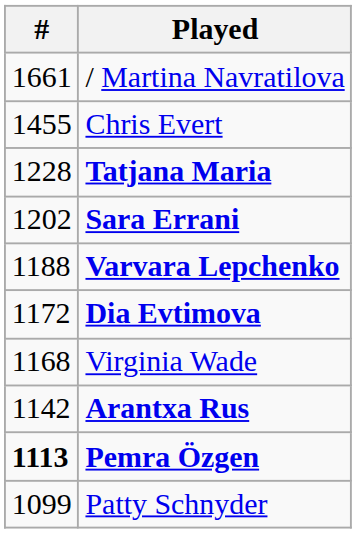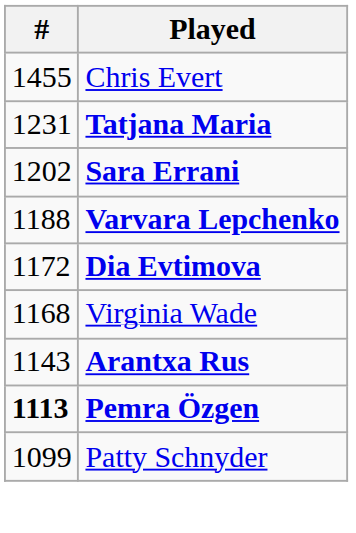 <table class=wikitable style=display:inline-table>
 <tr>
 <th>#</th>
 <th>Played</th>
 </tr>
 <tr>
-<td>1661</td>
-<td>/ <a href='#'>Martina Navratilova</a></td>
-</tr>
-<tr>
 <td>1455</td>
 <td> <a href='#'>Chris Evert</a></td>
 </tr>
 <tr>
-<td>1228</td>
+<td>1231</td>
 <td> <strong><a href='#'>Tatjana Maria</a></strong></td>
 </tr>
 <tr>
 <td>1202</td>
 <td> <strong><a href='#'>Sara Errani</a></strong></td>
 </tr>
 <tr>
 <td>1188</td>
 <td> <strong><a href='#'>Varvara Lepchenko</a></strong></td>
 </tr>
 <tr>
 <td>1172</td>
 <td> <strong><a href='#'>Dia Evtimova</a></strong></td>
 </tr>
 <tr>
 <td>1168</td>
 <td> <a href='#'>Virginia Wade</a></td>
 </tr>
 <tr>
-<td>1142</td>
+<td>1143</td>
 <td> <strong><a href='#'>Arantxa Rus</a></strong></td>
 </tr>
 <tr>
 <td><strong>1113</strong></td>
 <td> <strong><a href='#'>Pemra Özgen</a></strong></td>
 </tr>
 <tr>
 <td>1099</td>
 <td> <a href='#'>Patty Schnyder</a></td>
 </tr>
 </table>
